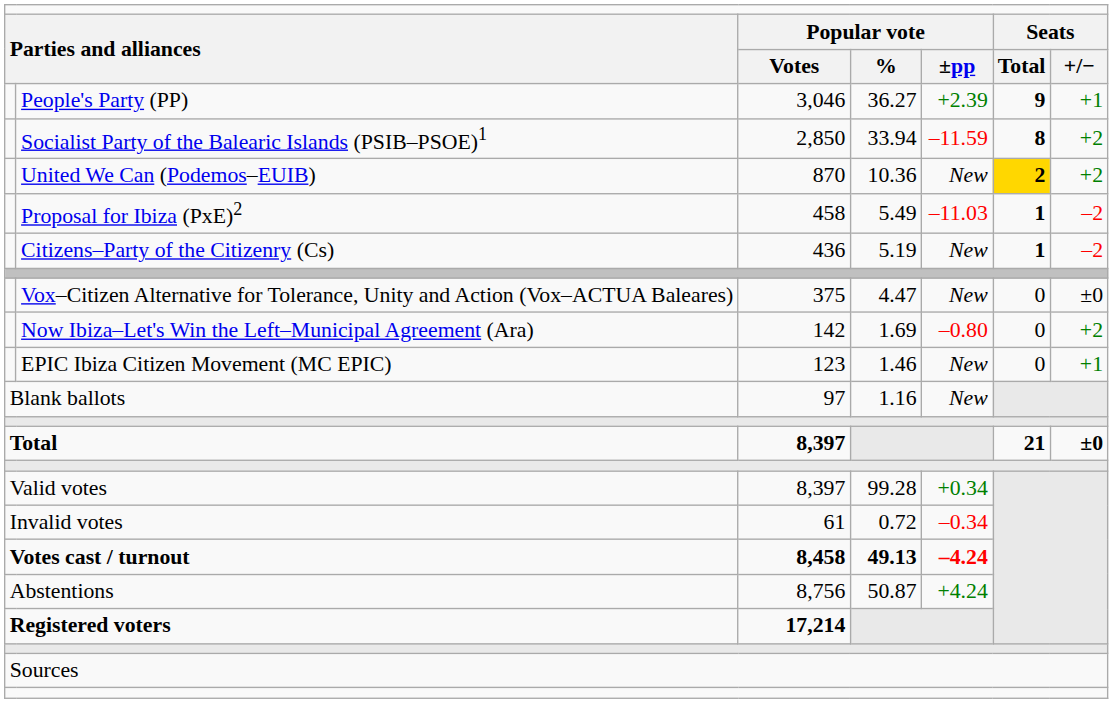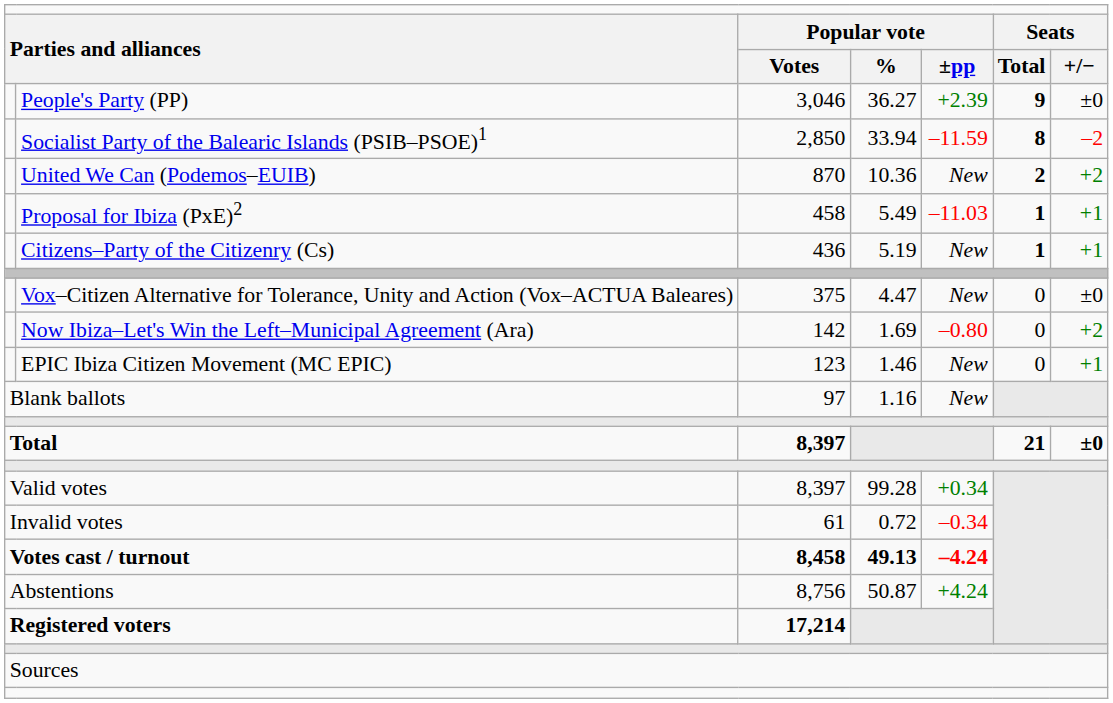 <table class="wikitable" style="text-align:right;">
 <tr>
 <td colspan="7"></td>
 </tr>
 <tr>
 <th style="text-align:left;" rowspan="2" colspan="2" width="525">Parties and alliances</th>
 <th colspan="3">Popular vote</th>
 <th colspan="2">Seats</th>
 </tr>
 <tr>
 <th width="75">Votes</th>
 <th width="45">%</th>
 <th width="45">±<a href='#'>pp</a></th>
 <th width="35">Total</th>
 <th width="35">+/−</th>
 </tr>
 <tr>
 <td width="1" style="color:inherit;background:"></td>
 <td align="left"><a href='#'>People's Party</a> (PP)</td>
 <td>3,046</td>
 <td>36.27</td>
 <td style="color:green;">+2.39</td>
 <td><strong>9</strong></td>
-<td style="color:green;">+1</td>
+<td>±0</td>
 </tr>
 <tr>
 <td style="color:inherit;background:"></td>
 <td align="left"><a href='#'>Socialist Party of the Balearic Islands</a> (PSIB–PSOE)<sup>1</sup></td>
 <td>2,850</td>
 <td>33.94</td>
 <td style="color:red;">–11.59</td>
 <td><strong>8</strong></td>
-<td style="color:green;">+2</td>
+<td style="color:red;">–2</td>
 </tr>
 <tr>
 <td style="color:inherit;background:"></td>
 <td align="left"><a href='#'>United We Can</a> (<a href='#'>Podemos</a>–<a href='#'>EUIB</a>)</td>
 <td>870</td>
 <td>10.36</td>
 <td><em>New</em></td>
-<td style="background: gold;"><strong>2</strong></td>
+<td><strong>2</strong></td>
 <td style="color:green;">+2</td>
 </tr>
 <tr>
 <td style="color:inherit;background:"></td>
 <td align="left"><a href='#'>Proposal for Ibiza</a> (PxE)<sup>2</sup></td>
 <td>458</td>
 <td>5.49</td>
 <td style="color:red;">–11.03</td>
 <td><strong>1</strong></td>
-<td style="color:red;">–2</td>
+<td style="color:green;">+1</td>
 </tr>
 <tr>
 <td style="color:inherit;background:"></td>
 <td align="left"><a href='#'>Citizens–Party of the Citizenry</a> (Cs)</td>
 <td>436</td>
 <td>5.19</td>
 <td><em>New</em></td>
 <td><strong>1</strong></td>
-<td style="color:red;">–2</td>
+<td style="color:green;">+1</td>
 </tr>
 <tr>
 <td colspan="7" bgcolor="#C0C0C0"></td>
 </tr>
 <tr>
 <td style="color:inherit;background:"></td>
 <td align="left"><a href='#'>Vox</a>–Citizen Alternative for Tolerance, Unity and Action (Vox–ACTUA Baleares)</td>
 <td>375</td>
 <td>4.47</td>
 <td><em>New</em></td>
 <td>0</td>
 <td>±0</td>
 </tr>
 <tr>
 <td style="color:inherit;background:"></td>
 <td align="left"><a href='#'>Now Ibiza–Let's Win the Left–Municipal Agreement</a> (Ara)</td>
 <td>142</td>
 <td>1.69</td>
 <td style="color:red;">–0.80</td>
 <td>0</td>
 <td style="color:green;">+2</td>
 </tr>
 <tr>
 <td style="color:inherit;background:"></td>
 <td align="left">EPIC Ibiza Citizen Movement (MC EPIC)</td>
 <td>123</td>
 <td>1.46</td>
 <td><em>New</em></td>
 <td>0</td>
 <td style="color:green;">+1</td>
 </tr>
 <tr>
 <td align="left" colspan="2">Blank ballots</td>
 <td>97</td>
 <td>1.16</td>
 <td><em>New</em></td>
 <td bgcolor="#E9E9E9" colspan="2"></td>
 </tr>
 <tr>
 <td colspan="7" bgcolor="#E9E9E9"></td>
 </tr>
 <tr style="font-weight:bold;">
 <td align="left" colspan="2">Total</td>
 <td>8,397</td>
 <td bgcolor="#E9E9E9" colspan="2"></td>
 <td>21</td>
 <td>±0</td>
 </tr>
 <tr>
 <td colspan="7" bgcolor="#E9E9E9"></td>
 </tr>
 <tr>
 <td align="left" colspan="2">Valid votes</td>
 <td>8,397</td>
 <td>99.28</td>
 <td style="color:green;">+0.34</td>
 <td bgcolor="#E9E9E9" colspan="2" rowspan="5"></td>
 </tr>
 <tr>
 <td align="left" colspan="2">Invalid votes</td>
 <td>61</td>
 <td>0.72</td>
 <td style="color:red;">–0.34</td>
 </tr>
 <tr style="font-weight:bold;">
 <td align="left" colspan="2">Votes cast / turnout</td>
 <td>8,458</td>
 <td>49.13</td>
 <td style="color:red;">–4.24</td>
 </tr>
 <tr>
 <td align="left" colspan="2">Abstentions</td>
 <td>8,756</td>
 <td>50.87</td>
 <td style="color:green;">+4.24</td>
 </tr>
 <tr style="font-weight:bold;">
 <td align="left" colspan="2">Registered voters</td>
 <td>17,214</td>
 <td bgcolor="#E9E9E9" colspan="2"></td>
 </tr>
 <tr>
 <td colspan="7" bgcolor="#E9E9E9"></td>
 </tr>
 <tr>
 <td align="left" colspan="7">Sources</td>
 </tr>
 <tr>
 <td colspan="7" style="text-align:left; max-width:790px;"></td>
 </tr>
 </table>
